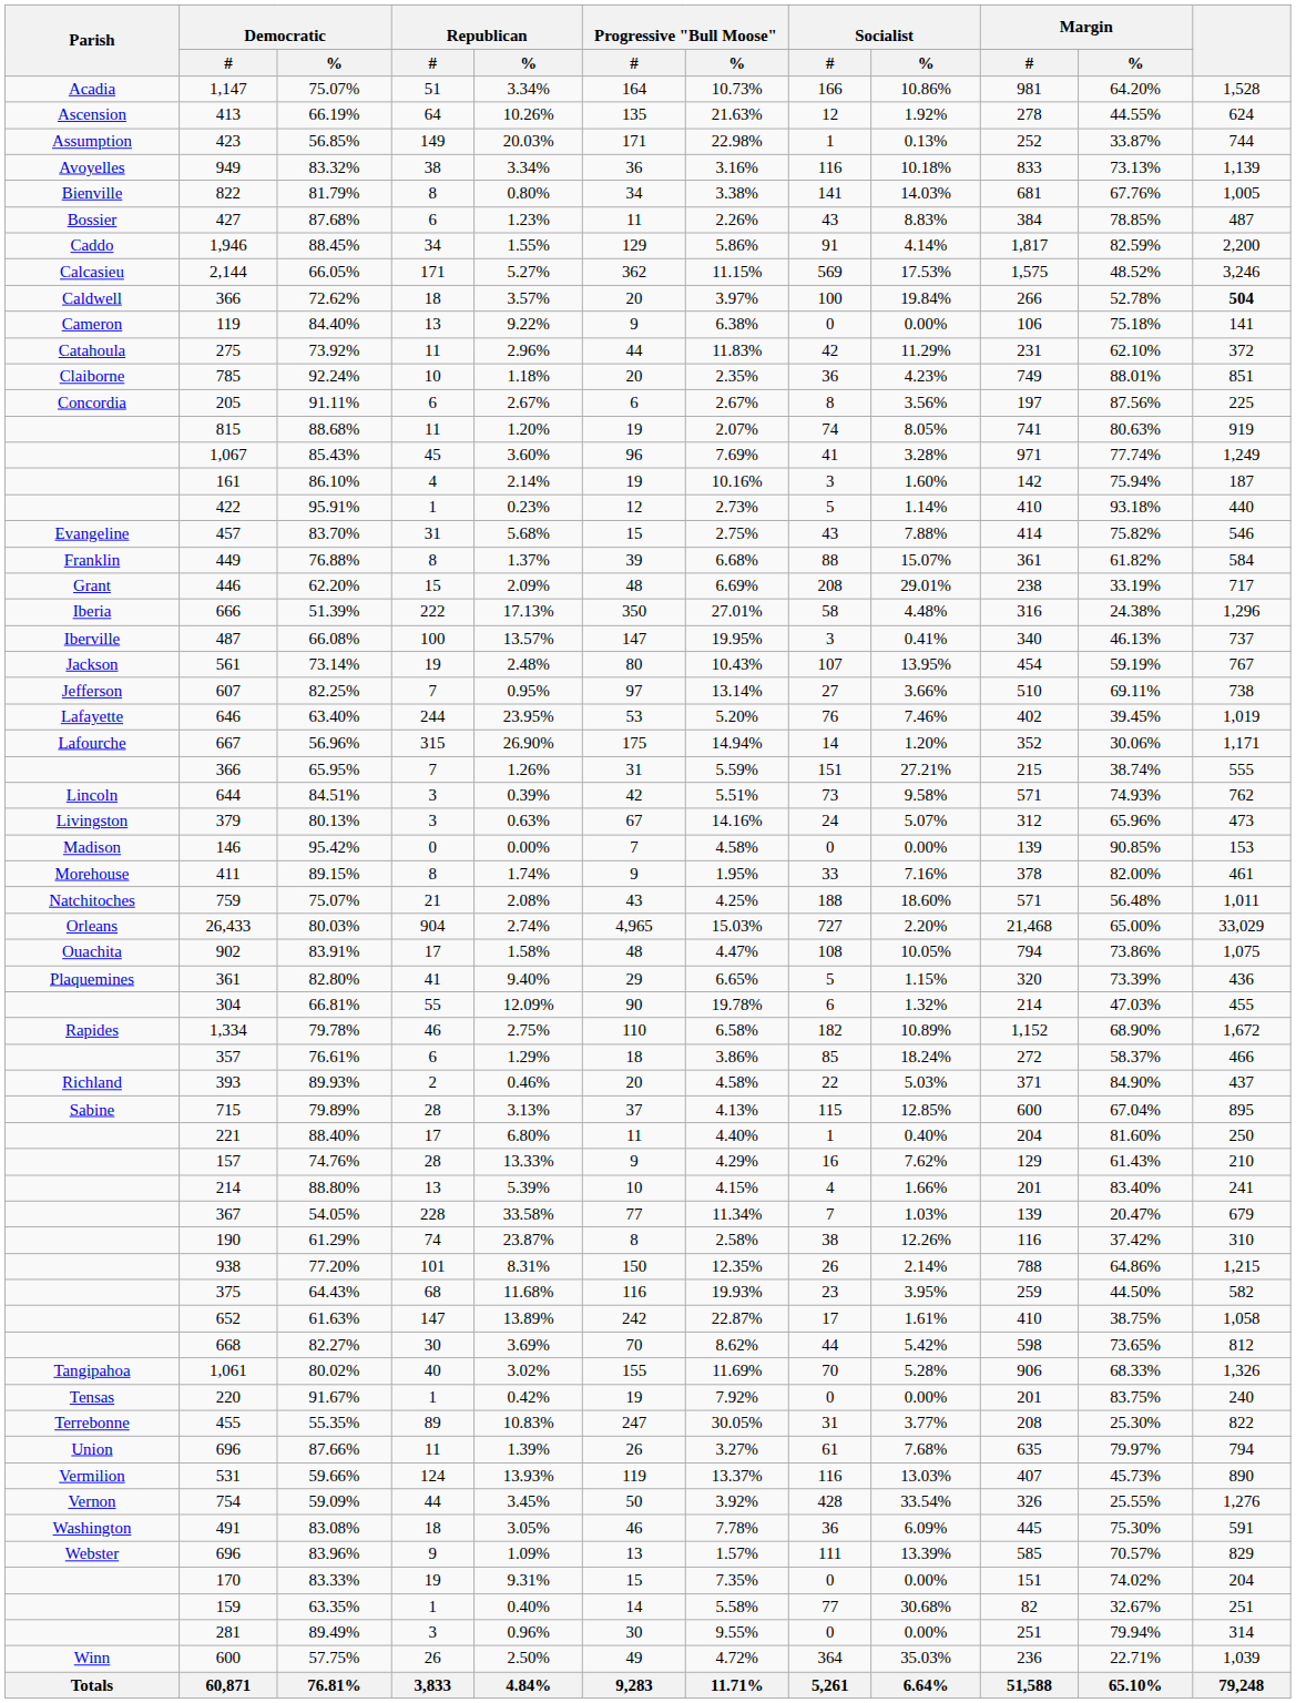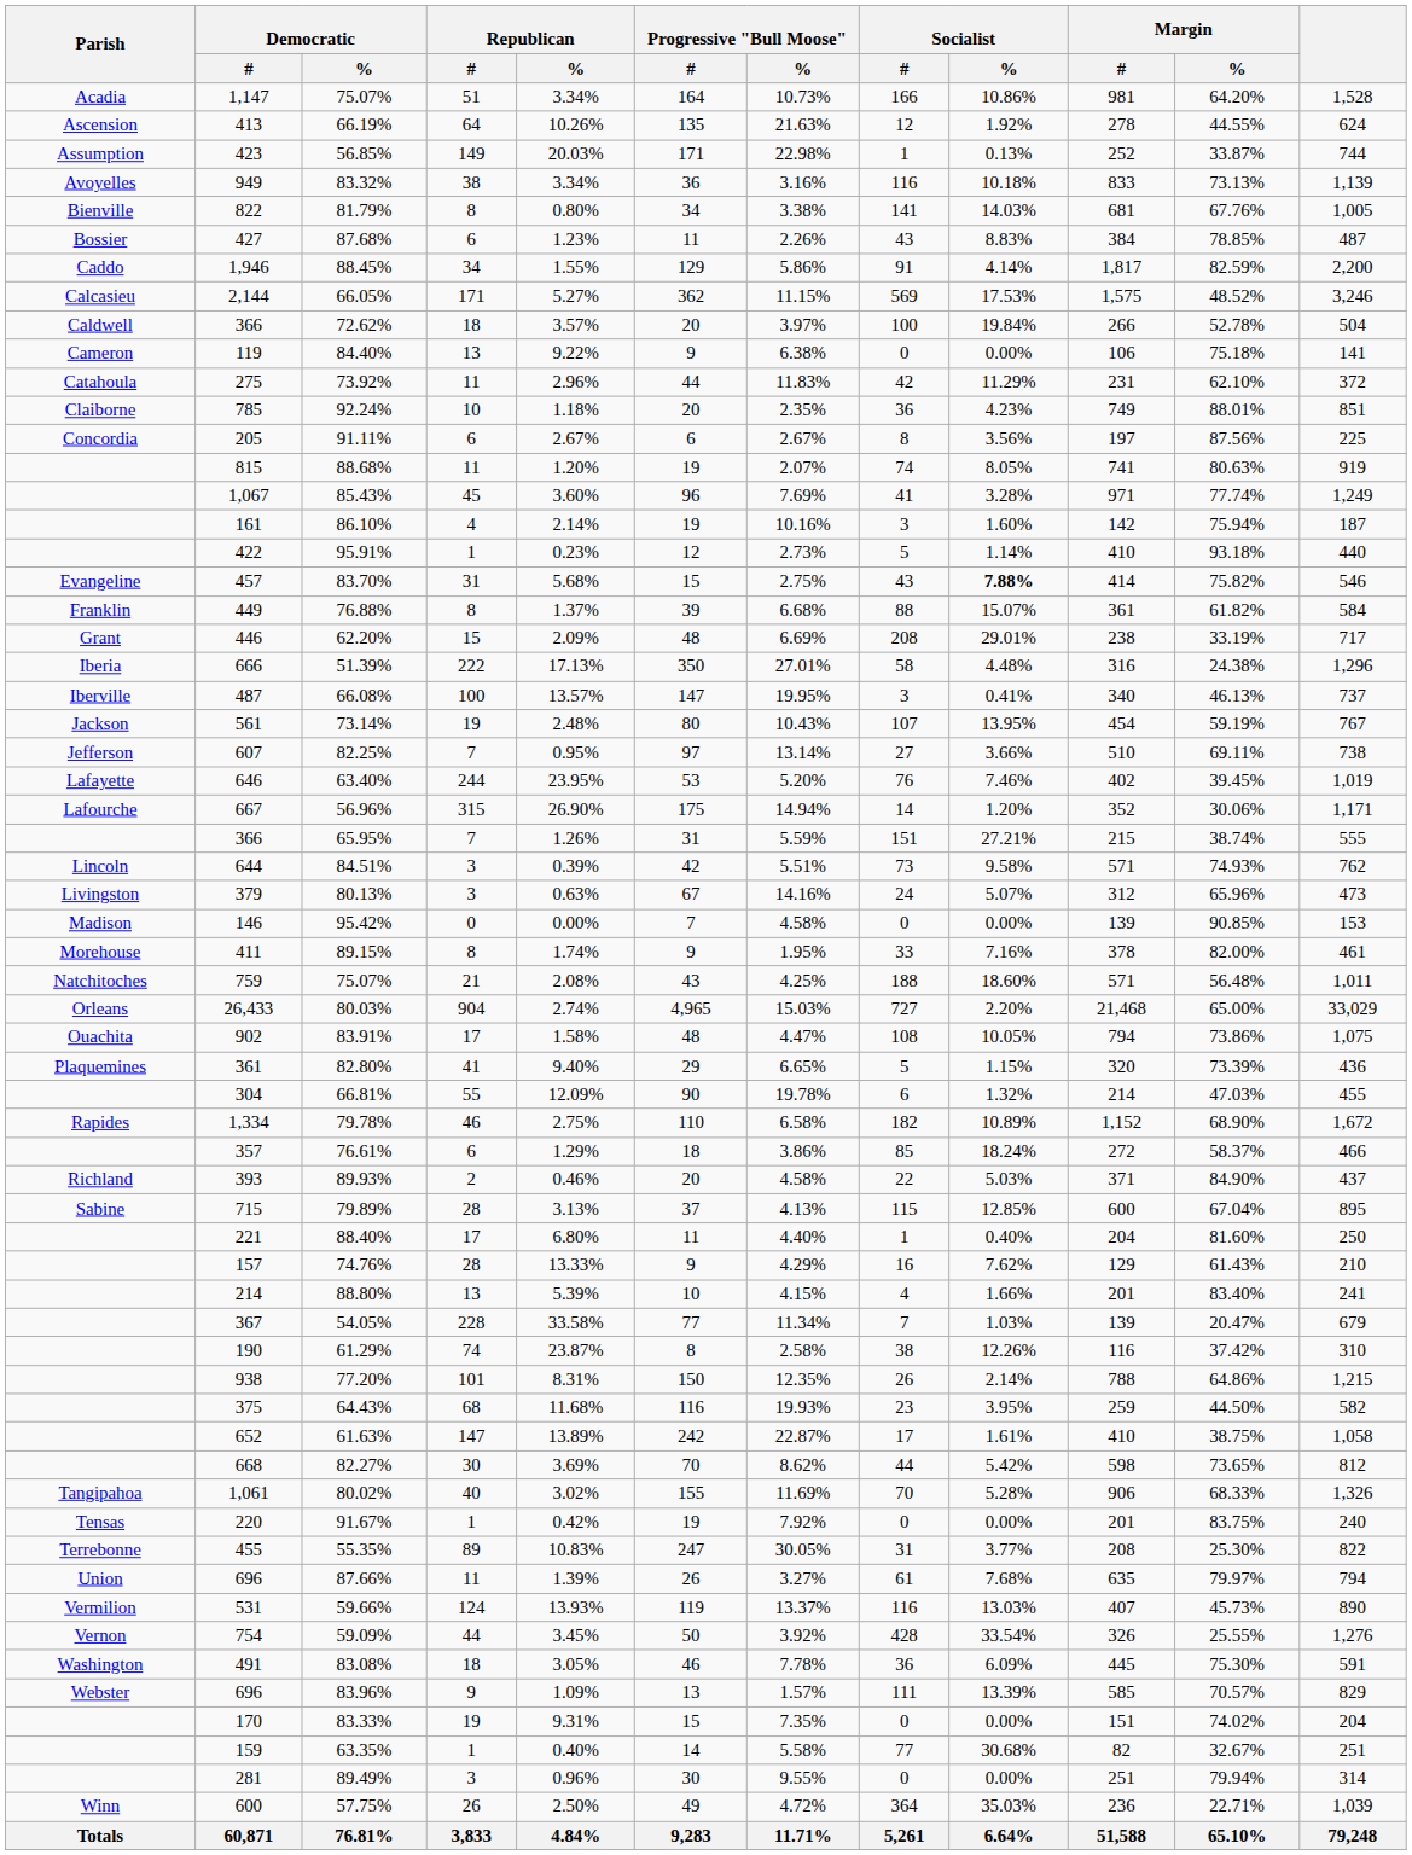 <table class="wikitable sortable mw-collapsible mw-collapsed" style="text-align:center">
 <tr>
 <th rowspan="2" style="text-align:center;">Parish</th>
 <th colspan="2" style="text-align:center;"><br>Democratic</th>
 <th colspan="2" style="text-align:center;"><br>Republican</th>
 <th colspan="2" style="text-align:center;"><br>Progressive "Bull Moose"</th>
 <th colspan="2" style="text-align:center;"><br>Socialist</th>
 <th colspan="2" style="text-align:center;">Margin</th>
 <th rowspan="2" style="text-align:center;" data-sort-type="number"></th>
 </tr>
 <tr>
 <th style="text-align:center;" data-sort-type="number">#</th>
 <th style="text-align:center;" data-sort-type="number">%</th>
 <th style="text-align:center;" data-sort-type="number">#</th>
 <th style="text-align:center;" data-sort-type="number">%</th>
 <th width="8%" data-sort-type="number">#</th>
 <th width="8%" data-sort-type="number">%</th>
 <th style="text-align:center;" data-sort-type="number">#</th>
 <th style="text-align:center;" data-sort-type="number">%</th>
 <th style="text-align:center;" data-sort-type="number">#</th>
 <th style="text-align:center;" data-sort-type="number">%</th>
 </tr>
 <tr style="text-align:center">
 <td><a href='#'>Acadia</a></td>
 <td>1,147</td>
 <td>75.07%</td>
 <td>51</td>
 <td>3.34%</td>
 <td>164</td>
 <td>10.73%</td>
 <td>166</td>
 <td>10.86%</td>
 <td>981</td>
 <td>64.20%</td>
 <td>1,528</td>
 </tr>
 <tr style="text-align:center">
 <td><a href='#'>Ascension</a></td>
 <td>413</td>
 <td>66.19%</td>
 <td>64</td>
 <td>10.26%</td>
 <td>135</td>
 <td>21.63%</td>
 <td>12</td>
 <td>1.92%</td>
 <td>278</td>
 <td>44.55%</td>
 <td>624</td>
 </tr>
 <tr style="text-align:center">
 <td><a href='#'>Assumption</a></td>
 <td>423</td>
 <td>56.85%</td>
 <td>149</td>
 <td>20.03%</td>
 <td>171</td>
 <td>22.98%</td>
 <td>1</td>
 <td>0.13%</td>
 <td>252</td>
 <td>33.87%</td>
 <td>744</td>
 </tr>
 <tr style="text-align:center">
 <td><a href='#'>Avoyelles</a></td>
 <td>949</td>
 <td>83.32%</td>
 <td>38</td>
 <td>3.34%</td>
 <td>36</td>
 <td>3.16%</td>
 <td>116</td>
 <td>10.18%</td>
 <td>833</td>
 <td>73.13%</td>
 <td>1,139</td>
 </tr>
 <tr style="text-align:center">
 <td><a href='#'>Bienville</a></td>
 <td>822</td>
 <td>81.79%</td>
 <td>8</td>
 <td>0.80%</td>
 <td>34</td>
 <td>3.38%</td>
 <td>141</td>
 <td>14.03%</td>
 <td>681</td>
 <td>67.76%</td>
 <td>1,005</td>
 </tr>
 <tr style="text-align:center">
 <td><a href='#'>Bossier</a></td>
 <td>427</td>
 <td>87.68%</td>
 <td>6</td>
 <td>1.23%</td>
 <td>11</td>
 <td>2.26%</td>
 <td>43</td>
 <td>8.83%</td>
 <td>384</td>
 <td>78.85%</td>
 <td>487</td>
 </tr>
 <tr style="text-align:center">
 <td><a href='#'>Caddo</a></td>
 <td>1,946</td>
 <td>88.45%</td>
 <td>34</td>
 <td>1.55%</td>
 <td>129</td>
 <td>5.86%</td>
 <td>91</td>
 <td>4.14%</td>
 <td>1,817</td>
 <td>82.59%</td>
 <td>2,200</td>
 </tr>
 <tr style="text-align:center">
 <td><a href='#'>Calcasieu</a></td>
 <td>2,144</td>
 <td>66.05%</td>
 <td>171</td>
 <td>5.27%</td>
 <td>362</td>
 <td>11.15%</td>
 <td>569</td>
 <td>17.53%</td>
 <td>1,575</td>
 <td>48.52%</td>
 <td>3,246</td>
 </tr>
 <tr style="text-align:center">
 <td><a href='#'>Caldwell</a></td>
 <td>366</td>
 <td>72.62%</td>
 <td>18</td>
 <td>3.57%</td>
 <td>20</td>
 <td>3.97%</td>
 <td>100</td>
 <td>19.84%</td>
 <td>266</td>
 <td>52.78%</td>
-<td><strong>504</strong></td>
+<td>504</td>
 </tr>
 <tr style="text-align:center">
 <td><a href='#'>Cameron</a></td>
 <td>119</td>
 <td>84.40%</td>
 <td>13</td>
 <td>9.22%</td>
 <td>9</td>
 <td>6.38%</td>
 <td>0</td>
 <td>0.00%</td>
 <td>106</td>
 <td>75.18%</td>
 <td>141</td>
 </tr>
 <tr style="text-align:center">
 <td><a href='#'>Catahoula</a></td>
 <td>275</td>
 <td>73.92%</td>
 <td>11</td>
 <td>2.96%</td>
 <td>44</td>
 <td>11.83%</td>
 <td>42</td>
 <td>11.29%</td>
 <td>231</td>
 <td>62.10%</td>
 <td>372</td>
 </tr>
 <tr style="text-align:center">
 <td><a href='#'>Claiborne</a></td>
 <td>785</td>
 <td>92.24%</td>
 <td>10</td>
 <td>1.18%</td>
 <td>20</td>
 <td>2.35%</td>
 <td>36</td>
 <td>4.23%</td>
 <td>749</td>
 <td>88.01%</td>
 <td>851</td>
 </tr>
 <tr style="text-align:center">
 <td><a href='#'>Concordia</a></td>
 <td>205</td>
 <td>91.11%</td>
 <td>6</td>
 <td>2.67%</td>
 <td>6</td>
 <td>2.67%</td>
 <td>8</td>
 <td>3.56%</td>
 <td>197</td>
 <td>87.56%</td>
 <td>225</td>
 </tr>
 <tr style="text-align:center">
 <td></td>
 <td>815</td>
 <td>88.68%</td>
 <td>11</td>
 <td>1.20%</td>
 <td>19</td>
 <td>2.07%</td>
 <td>74</td>
 <td>8.05%</td>
 <td>741</td>
 <td>80.63%</td>
 <td>919</td>
 </tr>
 <tr style="text-align:center">
 <td></td>
 <td>1,067</td>
 <td>85.43%</td>
 <td>45</td>
 <td>3.60%</td>
 <td>96</td>
 <td>7.69%</td>
 <td>41</td>
 <td>3.28%</td>
 <td>971</td>
 <td>77.74%</td>
 <td>1,249</td>
 </tr>
 <tr style="text-align:center">
 <td></td>
 <td>161</td>
 <td>86.10%</td>
 <td>4</td>
 <td>2.14%</td>
 <td>19</td>
 <td>10.16%</td>
 <td>3</td>
 <td>1.60%</td>
 <td>142</td>
 <td>75.94%</td>
 <td>187</td>
 </tr>
 <tr style="text-align:center">
 <td></td>
 <td>422</td>
 <td>95.91%</td>
 <td>1</td>
 <td>0.23%</td>
 <td>12</td>
 <td>2.73%</td>
 <td>5</td>
 <td>1.14%</td>
 <td>410</td>
 <td>93.18%</td>
 <td>440</td>
 </tr>
 <tr style="text-align:center">
 <td><a href='#'>Evangeline</a></td>
 <td>457</td>
 <td>83.70%</td>
 <td>31</td>
 <td>5.68%</td>
 <td>15</td>
 <td>2.75%</td>
 <td>43</td>
-<td>7.88%</td>
+<td><strong>7.88%</strong></td>
 <td>414</td>
 <td>75.82%</td>
 <td>546</td>
 </tr>
 <tr style="text-align:center">
 <td><a href='#'>Franklin</a></td>
 <td>449</td>
 <td>76.88%</td>
 <td>8</td>
 <td>1.37%</td>
 <td>39</td>
 <td>6.68%</td>
 <td>88</td>
 <td>15.07%</td>
 <td>361</td>
 <td>61.82%</td>
 <td>584</td>
 </tr>
 <tr style="text-align:center">
 <td><a href='#'>Grant</a></td>
 <td>446</td>
 <td>62.20%</td>
 <td>15</td>
 <td>2.09%</td>
 <td>48</td>
 <td>6.69%</td>
 <td>208</td>
 <td>29.01%</td>
 <td>238</td>
 <td>33.19%</td>
 <td>717</td>
 </tr>
 <tr style="text-align:center">
 <td><a href='#'>Iberia</a></td>
 <td>666</td>
 <td>51.39%</td>
 <td>222</td>
 <td>17.13%</td>
 <td>350</td>
 <td>27.01%</td>
 <td>58</td>
 <td>4.48%</td>
 <td>316</td>
 <td>24.38%</td>
 <td>1,296</td>
 </tr>
 <tr style="text-align:center">
 <td><a href='#'>Iberville</a></td>
 <td>487</td>
 <td>66.08%</td>
 <td>100</td>
 <td>13.57%</td>
 <td>147</td>
 <td>19.95%</td>
 <td>3</td>
 <td>0.41%</td>
 <td>340</td>
 <td>46.13%</td>
 <td>737</td>
 </tr>
 <tr style="text-align:center">
 <td><a href='#'>Jackson</a></td>
 <td>561</td>
 <td>73.14%</td>
 <td>19</td>
 <td>2.48%</td>
 <td>80</td>
 <td>10.43%</td>
 <td>107</td>
 <td>13.95%</td>
 <td>454</td>
 <td>59.19%</td>
 <td>767</td>
 </tr>
 <tr style="text-align:center">
 <td><a href='#'>Jefferson</a></td>
 <td>607</td>
 <td>82.25%</td>
 <td>7</td>
 <td>0.95%</td>
 <td>97</td>
 <td>13.14%</td>
 <td>27</td>
 <td>3.66%</td>
 <td>510</td>
 <td>69.11%</td>
 <td>738</td>
 </tr>
 <tr style="text-align:center">
 <td><a href='#'>Lafayette</a></td>
 <td>646</td>
 <td>63.40%</td>
 <td>244</td>
 <td>23.95%</td>
 <td>53</td>
 <td>5.20%</td>
 <td>76</td>
 <td>7.46%</td>
 <td>402</td>
 <td>39.45%</td>
 <td>1,019</td>
 </tr>
 <tr style="text-align:center">
 <td><a href='#'>Lafourche</a></td>
 <td>667</td>
 <td>56.96%</td>
 <td>315</td>
 <td>26.90%</td>
 <td>175</td>
 <td>14.94%</td>
 <td>14</td>
 <td>1.20%</td>
 <td>352</td>
 <td>30.06%</td>
 <td>1,171</td>
 </tr>
 <tr style="text-align:center">
 <td></td>
 <td>366</td>
 <td>65.95%</td>
 <td>7</td>
 <td>1.26%</td>
 <td>31</td>
 <td>5.59%</td>
 <td>151</td>
 <td>27.21%</td>
 <td>215</td>
 <td>38.74%</td>
 <td>555</td>
 </tr>
 <tr style="text-align:center">
 <td><a href='#'>Lincoln</a></td>
 <td>644</td>
 <td>84.51%</td>
 <td>3</td>
 <td>0.39%</td>
 <td>42</td>
 <td>5.51%</td>
 <td>73</td>
 <td>9.58%</td>
 <td>571</td>
 <td>74.93%</td>
 <td>762</td>
 </tr>
 <tr style="text-align:center">
 <td><a href='#'>Livingston</a></td>
 <td>379</td>
 <td>80.13%</td>
 <td>3</td>
 <td>0.63%</td>
 <td>67</td>
 <td>14.16%</td>
 <td>24</td>
 <td>5.07%</td>
 <td>312</td>
 <td>65.96%</td>
 <td>473</td>
 </tr>
 <tr style="text-align:center">
 <td><a href='#'>Madison</a></td>
 <td>146</td>
 <td>95.42%</td>
 <td>0</td>
 <td>0.00%</td>
 <td>7</td>
 <td>4.58%</td>
 <td>0</td>
 <td>0.00%</td>
 <td>139</td>
 <td>90.85%</td>
 <td>153</td>
 </tr>
 <tr style="text-align:center">
 <td><a href='#'>Morehouse</a></td>
 <td>411</td>
 <td>89.15%</td>
 <td>8</td>
 <td>1.74%</td>
 <td>9</td>
 <td>1.95%</td>
 <td>33</td>
 <td>7.16%</td>
 <td>378</td>
 <td>82.00%</td>
 <td>461</td>
 </tr>
 <tr style="text-align:center">
 <td><a href='#'>Natchitoches</a></td>
 <td>759</td>
 <td>75.07%</td>
 <td>21</td>
 <td>2.08%</td>
 <td>43</td>
 <td>4.25%</td>
 <td>188</td>
 <td>18.60%</td>
 <td>571</td>
 <td>56.48%</td>
 <td>1,011</td>
 </tr>
 <tr style="text-align:center">
 <td><a href='#'>Orleans</a></td>
 <td>26,433</td>
 <td>80.03%</td>
 <td>904</td>
 <td>2.74%</td>
 <td>4,965</td>
 <td>15.03%</td>
 <td>727</td>
 <td>2.20%</td>
 <td>21,468</td>
 <td>65.00%</td>
 <td>33,029</td>
 </tr>
 <tr style="text-align:center">
 <td><a href='#'>Ouachita</a></td>
 <td>902</td>
 <td>83.91%</td>
 <td>17</td>
 <td>1.58%</td>
 <td>48</td>
 <td>4.47%</td>
 <td>108</td>
 <td>10.05%</td>
 <td>794</td>
 <td>73.86%</td>
 <td>1,075</td>
 </tr>
 <tr style="text-align:center">
 <td><a href='#'>Plaquemines</a></td>
 <td>361</td>
 <td>82.80%</td>
 <td>41</td>
 <td>9.40%</td>
 <td>29</td>
 <td>6.65%</td>
 <td>5</td>
 <td>1.15%</td>
 <td>320</td>
 <td>73.39%</td>
 <td>436</td>
 </tr>
 <tr style="text-align:center">
 <td></td>
 <td>304</td>
 <td>66.81%</td>
 <td>55</td>
 <td>12.09%</td>
 <td>90</td>
 <td>19.78%</td>
 <td>6</td>
 <td>1.32%</td>
 <td>214</td>
 <td>47.03%</td>
 <td>455</td>
 </tr>
 <tr style="text-align:center">
 <td><a href='#'>Rapides</a></td>
 <td>1,334</td>
 <td>79.78%</td>
 <td>46</td>
 <td>2.75%</td>
 <td>110</td>
 <td>6.58%</td>
 <td>182</td>
 <td>10.89%</td>
 <td>1,152</td>
 <td>68.90%</td>
 <td>1,672</td>
 </tr>
 <tr style="text-align:center">
 <td></td>
 <td>357</td>
 <td>76.61%</td>
 <td>6</td>
 <td>1.29%</td>
 <td>18</td>
 <td>3.86%</td>
 <td>85</td>
 <td>18.24%</td>
 <td>272</td>
 <td>58.37%</td>
 <td>466</td>
 </tr>
 <tr style="text-align:center">
 <td><a href='#'>Richland</a></td>
 <td>393</td>
 <td>89.93%</td>
 <td>2</td>
 <td>0.46%</td>
 <td>20</td>
 <td>4.58%</td>
 <td>22</td>
 <td>5.03%</td>
 <td>371</td>
 <td>84.90%</td>
 <td>437</td>
 </tr>
 <tr style="text-align:center">
 <td><a href='#'>Sabine</a></td>
 <td>715</td>
 <td>79.89%</td>
 <td>28</td>
 <td>3.13%</td>
 <td>37</td>
 <td>4.13%</td>
 <td>115</td>
 <td>12.85%</td>
 <td>600</td>
 <td>67.04%</td>
 <td>895</td>
 </tr>
 <tr style="text-align:center">
 <td></td>
 <td>221</td>
 <td>88.40%</td>
 <td>17</td>
 <td>6.80%</td>
 <td>11</td>
 <td>4.40%</td>
 <td>1</td>
 <td>0.40%</td>
 <td>204</td>
 <td>81.60%</td>
 <td>250</td>
 </tr>
 <tr style="text-align:center">
 <td></td>
 <td>157</td>
 <td>74.76%</td>
 <td>28</td>
 <td>13.33%</td>
 <td>9</td>
 <td>4.29%</td>
 <td>16</td>
 <td>7.62%</td>
 <td>129</td>
 <td>61.43%</td>
 <td>210</td>
 </tr>
 <tr style="text-align:center">
 <td></td>
 <td>214</td>
 <td>88.80%</td>
 <td>13</td>
 <td>5.39%</td>
 <td>10</td>
 <td>4.15%</td>
 <td>4</td>
 <td>1.66%</td>
 <td>201</td>
 <td>83.40%</td>
 <td>241</td>
 </tr>
 <tr style="text-align:center">
 <td></td>
 <td>367</td>
 <td>54.05%</td>
 <td>228</td>
 <td>33.58%</td>
 <td>77</td>
 <td>11.34%</td>
 <td>7</td>
 <td>1.03%</td>
 <td>139</td>
 <td>20.47%</td>
 <td>679</td>
 </tr>
 <tr style="text-align:center">
 <td></td>
 <td>190</td>
 <td>61.29%</td>
 <td>74</td>
 <td>23.87%</td>
 <td>8</td>
 <td>2.58%</td>
 <td>38</td>
 <td>12.26%</td>
 <td>116</td>
 <td>37.42%</td>
 <td>310</td>
 </tr>
 <tr style="text-align:center">
 <td></td>
 <td>938</td>
 <td>77.20%</td>
 <td>101</td>
 <td>8.31%</td>
 <td>150</td>
 <td>12.35%</td>
 <td>26</td>
 <td>2.14%</td>
 <td>788</td>
 <td>64.86%</td>
 <td>1,215</td>
 </tr>
 <tr style="text-align:center">
 <td></td>
 <td>375</td>
 <td>64.43%</td>
 <td>68</td>
 <td>11.68%</td>
 <td>116</td>
 <td>19.93%</td>
 <td>23</td>
 <td>3.95%</td>
 <td>259</td>
 <td>44.50%</td>
 <td>582</td>
 </tr>
 <tr style="text-align:center">
 <td></td>
 <td>652</td>
 <td>61.63%</td>
 <td>147</td>
 <td>13.89%</td>
 <td>242</td>
 <td>22.87%</td>
 <td>17</td>
 <td>1.61%</td>
 <td>410</td>
 <td>38.75%</td>
 <td>1,058</td>
 </tr>
 <tr style="text-align:center">
 <td></td>
 <td>668</td>
 <td>82.27%</td>
 <td>30</td>
 <td>3.69%</td>
 <td>70</td>
 <td>8.62%</td>
 <td>44</td>
 <td>5.42%</td>
 <td>598</td>
 <td>73.65%</td>
 <td>812</td>
 </tr>
 <tr style="text-align:center">
 <td><a href='#'>Tangipahoa</a></td>
 <td>1,061</td>
 <td>80.02%</td>
 <td>40</td>
 <td>3.02%</td>
 <td>155</td>
 <td>11.69%</td>
 <td>70</td>
 <td>5.28%</td>
 <td>906</td>
 <td>68.33%</td>
 <td>1,326</td>
 </tr>
 <tr style="text-align:center">
 <td><a href='#'>Tensas</a></td>
 <td>220</td>
 <td>91.67%</td>
 <td>1</td>
 <td>0.42%</td>
 <td>19</td>
 <td>7.92%</td>
 <td>0</td>
 <td>0.00%</td>
 <td>201</td>
 <td>83.75%</td>
 <td>240</td>
 </tr>
 <tr style="text-align:center">
 <td><a href='#'>Terrebonne</a></td>
 <td>455</td>
 <td>55.35%</td>
 <td>89</td>
 <td>10.83%</td>
 <td>247</td>
 <td>30.05%</td>
 <td>31</td>
 <td>3.77%</td>
 <td>208</td>
 <td>25.30%</td>
 <td>822</td>
 </tr>
 <tr style="text-align:center">
 <td><a href='#'>Union</a></td>
 <td>696</td>
 <td>87.66%</td>
 <td>11</td>
 <td>1.39%</td>
 <td>26</td>
 <td>3.27%</td>
 <td>61</td>
 <td>7.68%</td>
 <td>635</td>
 <td>79.97%</td>
 <td>794</td>
 </tr>
 <tr style="text-align:center">
 <td><a href='#'>Vermilion</a></td>
 <td>531</td>
 <td>59.66%</td>
 <td>124</td>
 <td>13.93%</td>
 <td>119</td>
 <td>13.37%</td>
 <td>116</td>
 <td>13.03%</td>
 <td>407</td>
 <td>45.73%</td>
 <td>890</td>
 </tr>
 <tr style="text-align:center">
 <td><a href='#'>Vernon</a></td>
 <td>754</td>
 <td>59.09%</td>
 <td>44</td>
 <td>3.45%</td>
 <td>50</td>
 <td>3.92%</td>
 <td>428</td>
 <td>33.54%</td>
 <td>326</td>
 <td>25.55%</td>
 <td>1,276</td>
 </tr>
 <tr style="text-align:center">
 <td><a href='#'>Washington</a></td>
 <td>491</td>
 <td>83.08%</td>
 <td>18</td>
 <td>3.05%</td>
 <td>46</td>
 <td>7.78%</td>
 <td>36</td>
 <td>6.09%</td>
 <td>445</td>
 <td>75.30%</td>
 <td>591</td>
 </tr>
 <tr style="text-align:center">
 <td><a href='#'>Webster</a></td>
 <td>696</td>
 <td>83.96%</td>
 <td>9</td>
 <td>1.09%</td>
 <td>13</td>
 <td>1.57%</td>
 <td>111</td>
 <td>13.39%</td>
 <td>585</td>
 <td>70.57%</td>
 <td>829</td>
 </tr>
 <tr style="text-align:center">
 <td></td>
 <td>170</td>
 <td>83.33%</td>
 <td>19</td>
 <td>9.31%</td>
 <td>15</td>
 <td>7.35%</td>
 <td>0</td>
 <td>0.00%</td>
 <td>151</td>
 <td>74.02%</td>
 <td>204</td>
 </tr>
 <tr style="text-align:center">
 <td></td>
 <td>159</td>
 <td>63.35%</td>
 <td>1</td>
 <td>0.40%</td>
 <td>14</td>
 <td>5.58%</td>
 <td>77</td>
 <td>30.68%</td>
 <td>82</td>
 <td>32.67%</td>
 <td>251</td>
 </tr>
 <tr style="text-align:center">
 <td></td>
 <td>281</td>
 <td>89.49%</td>
 <td>3</td>
 <td>0.96%</td>
 <td>30</td>
 <td>9.55%</td>
 <td>0</td>
 <td>0.00%</td>
 <td>251</td>
 <td>79.94%</td>
 <td>314</td>
 </tr>
 <tr style="text-align:center">
 <td><a href='#'>Winn</a></td>
 <td>600</td>
 <td>57.75%</td>
 <td>26</td>
 <td>2.50%</td>
 <td>49</td>
 <td>4.72%</td>
 <td>364</td>
 <td>35.03%</td>
 <td>236</td>
 <td>22.71%</td>
 <td>1,039</td>
 </tr>
 <tr>
 <th>Totals</th>
 <th>60,871</th>
 <th>76.81%</th>
 <th>3,833</th>
 <th>4.84%</th>
 <th>9,283</th>
 <th>11.71%</th>
 <th>5,261</th>
 <th>6.64%</th>
 <th>51,588</th>
 <th>65.10%</th>
 <th>79,248</th>
 </tr>
 </table>
